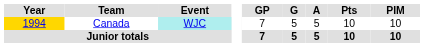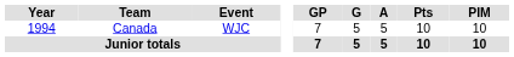 <table border="0" cellpadding="1" cellspacing="0" style="text-align:center; width:40em">
 <tr ALIGN="center" bgcolor="#e0e0e0">
 <th>Year</th>
 <th>Team</th>
 <th>Event</th>
 <th rowspan="99" bgcolor="#ffffff"> </th>
 <th>GP</th>
 <th>G</th>
 <th>A</th>
 <th>Pts</th>
 <th>PIM</th>
 </tr>
 <tr>
-<td style="background: gold;"><a href='#'>1994</a></td>
+<td><a href='#'>1994</a></td>
 <td><a href='#'>Canada</a></td>
-<td style="background: paleturquoise;"><a href='#'>WJC</a></td>
+<td><a href='#'>WJC</a></td>
 <td>7</td>
 <td>5</td>
 <td>5</td>
 <td>10</td>
 <td>10</td>
 </tr>
 <tr bgcolor="#e0e0e0">
 <th colspan="3">Junior totals</th>
 <th>7</th>
 <th>5</th>
 <th>5</th>
 <th>10</th>
 <th>10</th>
 </tr>
 </table>
